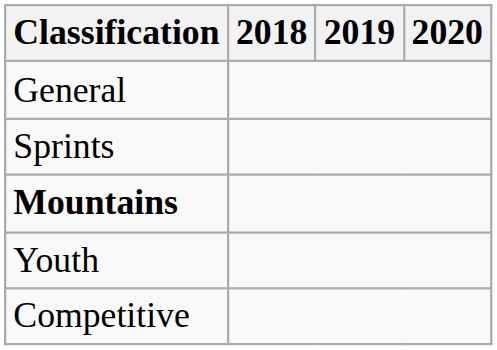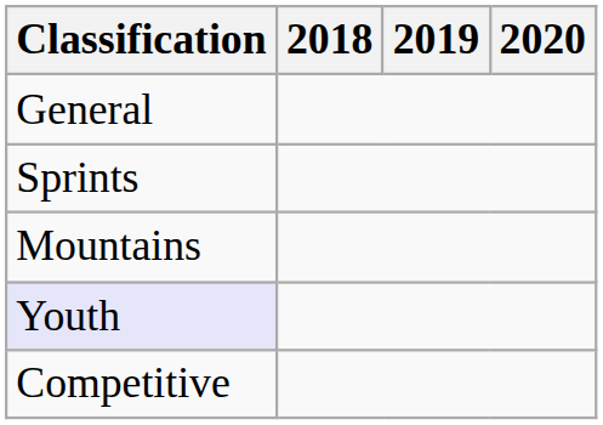 <table class="wikitable">
 <tr>
 <th>Classification</th>
 <th>2018</th>
 <th>2019</th>
 <th>2020</th>
 </tr>
 <tr>
 <td>General</td>
 <td colspan=3 align=center></td>
 </tr>
 <tr>
 <td>Sprints</td>
 <td colspan=3 align=center></td>
 </tr>
 <tr>
-<td><strong>Mountains</strong></td>
+<td>Mountains</td>
 <td colspan=3 align=center></td>
 </tr>
 <tr>
-<td>Youth</td>
+<td style="background: lavender;">Youth</td>
 <td colspan=3 align=center></td>
 </tr>
 <tr>
 <td>Competitive</td>
 <td colspan=3 align=center></td>
 </tr>
 </table>
